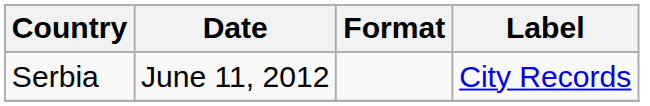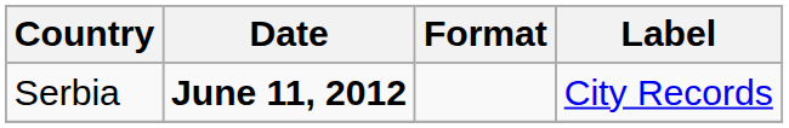 <table class="wikitable plainrowheaders">
 <tr>
 <th scope="col">Country</th>
 <th scope="col">Date</th>
 <th scope="col">Format</th>
 <th scope="col">Label</th>
 </tr>
 <tr>
 <td>Serbia</td>
-<td>June 11, 2012</td>
+<td><strong>June 11, 2012</strong></td>
 <td></td>
 <td><a href='#'>City Records</a></td>
 </tr>
 <tr>
 </tr>
 </table>
